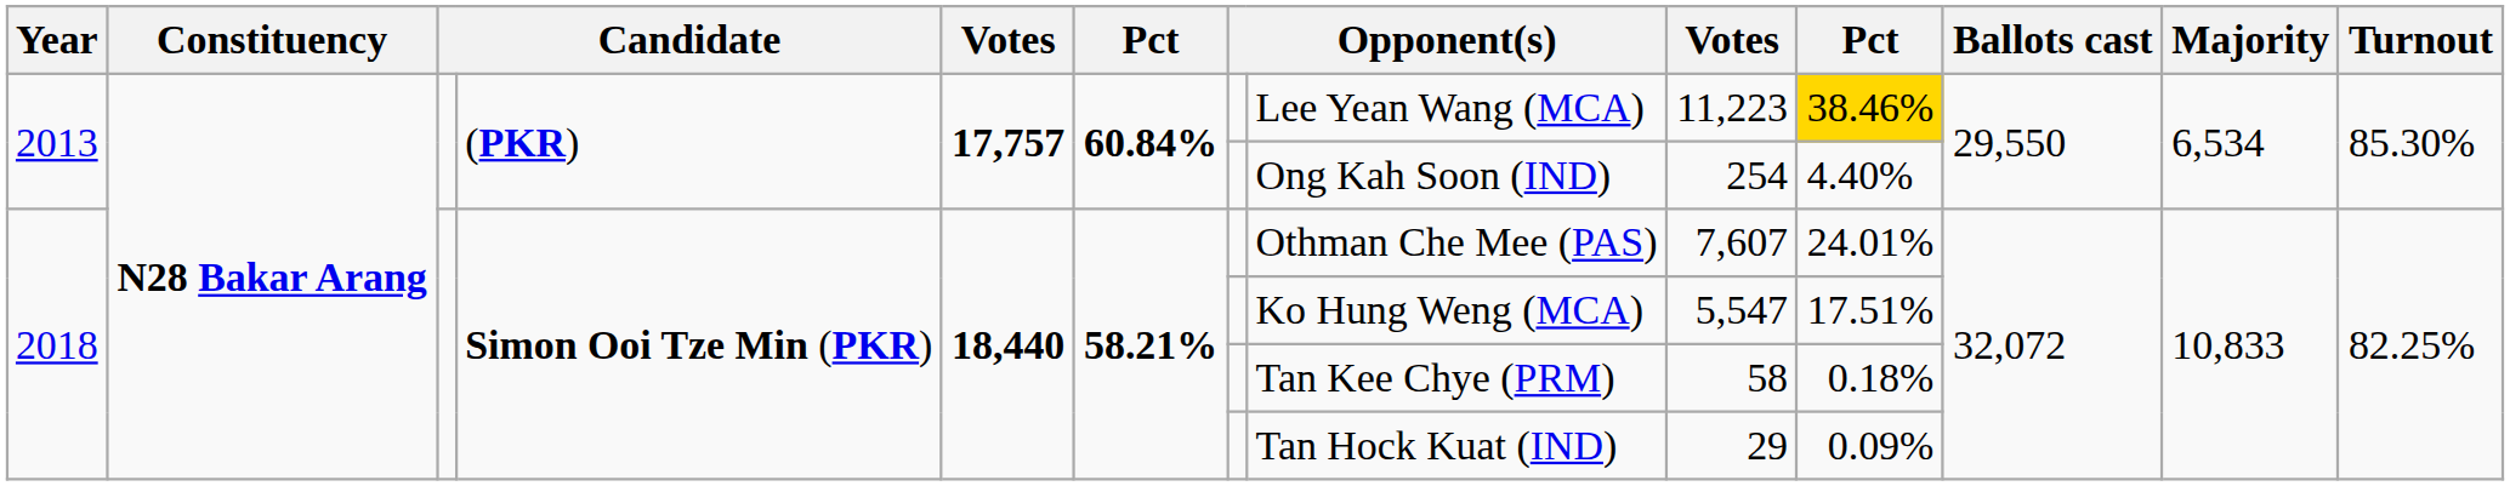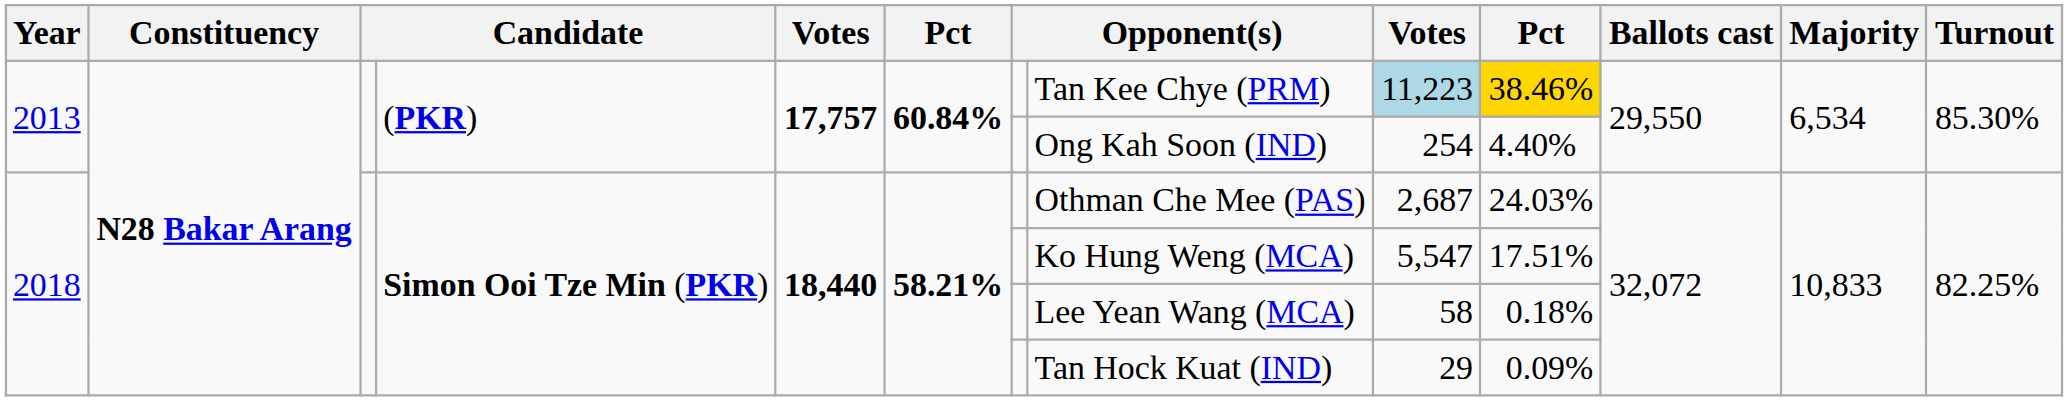 <table class="wikitable" style="margin:0.5em ; font-size:95%">
 <tr>
 <th>Year</th>
 <th>Constituency</th>
 <th colspan=2>Candidate</th>
 <th>Votes</th>
 <th>Pct</th>
 <th colspan=2>Opponent(s)</th>
 <th>Votes</th>
 <th>Pct</th>
 <th>Ballots cast</th>
 <th>Majority</th>
 <th>Turnout</th>
 </tr>
 <tr>
 <td rowspan=2><a href='#'>2013</a></td>
 <td rowspan=6><strong>N28 <a href='#'>Bakar Arang</a></strong></td>
 <td rowspan=2 ></td>
 <td rowspan=2> (<a href='#'><strong>PKR</strong></a>)</td>
 <td rowspan=2 align="right"><strong>17,757</strong></td>
 <td rowspan=2><strong>60.84%</strong></td>
 <td></td>
-<td>Lee Yean Wang (<a href='#'>MCA</a>)</td>
-<td align="right">11,223</td>
+<td>Tan Kee Chye (<a href='#'>PRM</a>)</td>
+<td align="right" style="background: lightblue;">11,223</td>
 <td style="background: gold;">38.46%</td>
 <td rowspan=2>29,550</td>
 <td rowspan=2>6,534</td>
 <td rowspan=2>85.30%</td>
 </tr>
 <tr>
 <td></td>
 <td>Ong Kah Soon (<a href='#'>IND</a>)</td>
 <td align="right">254</td>
 <td>4.40%</td>
 </tr>
 <tr>
 <td rowspan=4><a href='#'>2018</a></td>
 <td rowspan=4 ></td>
 <td rowspan=4><strong>Simon Ooi Tze Min</strong> (<a href='#'><strong>PKR</strong></a>)</td>
 <td rowspan=4 align="right"><strong>18,440</strong></td>
 <td rowspan=4><strong>58.21%</strong></td>
 <td></td>
 <td>Othman Che Mee (<a href='#'>PAS</a>)</td>
-<td align="right">7,607</td>
-<td>24.01%</td>
+<td align="right">2,687</td>
+<td>24.03%</td>
 <td rowspan=4>32,072</td>
 <td rowspan=4>10,833</td>
 <td rowspan=4>82.25%</td>
 </tr>
 <tr>
 <td></td>
 <td>Ko Hung Weng (<a href='#'>MCA</a>)</td>
 <td align="right">5,547</td>
 <td>17.51%</td>
 </tr>
 <tr>
 <td bgcolor=></td>
-<td>Tan Kee Chye (<a href='#'>PRM</a>)</td>
+<td>Lee Yean Wang (<a href='#'>MCA</a>)</td>
 <td align="right">58</td>
 <td align=right>0.18%</td>
 </tr>
 <tr>
 <td></td>
 <td>Tan Hock Kuat (<a href='#'>IND</a>)</td>
 <td align="right">29</td>
 <td align=right>0.09%</td>
 </tr>
 </table>
